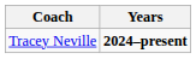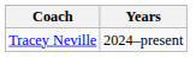 <table class="wikitable mw-collapsible">
 <tr>
 <th>Coach</th>
 <th>Years</th>
 </tr>
 <tr>
 <td><a href='#'>Tracey Neville</a></td>
-<td><strong>2024–present</strong></td>
+<td>2024–present</td>
 </tr>
 </table>
